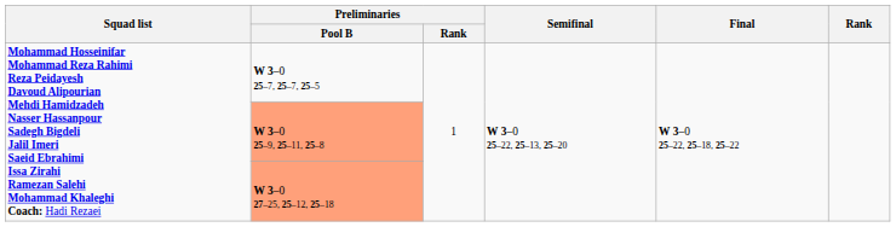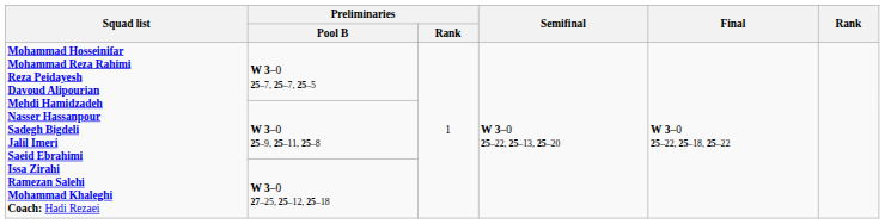 <table class="wikitable" width="71%" style="text-align:left; font-size:90%">
 <tr>
 <th rowspan="2" width="20%">Squad list</th>
 <th colspan="2">Preliminaries</th>
 <th rowspan="2" width="14%">Semifinal</th>
 <th rowspan="2" width="14%">Final</th>
 <th rowspan="2" width="5%">Rank</th>
 </tr>
 <tr>
 <th width="14%">Pool B</th>
 <th width="5%">Rank</th>
 </tr>
 <tr>
 <td rowspan="3"><strong><a href='#'>Mohammad Hosseinifar</a><br><a href='#'>Mohammad Reza Rahimi</a><br><a href='#'>Reza Peidayesh</a><br><a href='#'>Davoud Alipourian</a><br><a href='#'>Mehdi Hamidzadeh</a><br><a href='#'>Nasser Hassanpour</a><br><a href='#'>Sadegh Bigdeli</a><br><a href='#'>Jalil Imeri</a><br><a href='#'>Saeid Ebrahimi</a><br><a href='#'>Issa Zirahi</a><br><a href='#'>Ramezan Salehi</a><br><a href='#'>Mohammad Khaleghi</a><br>Coach:</strong> <a href='#'>Hadi Rezaei</a></td>
 <td><br><strong>W</strong> <strong>3</strong>–0<br><small><strong>25</strong>–7, <strong>25</strong>–7, <strong>25</strong>–5</small></td>
 <td rowspan="3" align=center>1 <strong></strong></td>
 <td rowspan="3"><br><strong>W</strong> <strong>3</strong>–0<br><small><strong>25</strong>–22, <strong>25</strong>–13, <strong>25</strong>–20</small></td>
 <td rowspan="3"><br><strong>W</strong> <strong>3</strong>–0<br><small><strong>25</strong>–22, <strong>25</strong>–18, <strong>25</strong>–22</small></td>
 <td rowspan="3" align="center"></td>
 </tr>
 <tr>
-<td style="background: lightsalmon;"><br><strong>W</strong> <strong>3</strong>–0<br><small><strong>25</strong>–9, <strong>25</strong>–11, <strong>25</strong>–8</small></td>
+<td><br><strong>W</strong> <strong>3</strong>–0<br><small><strong>25</strong>–9, <strong>25</strong>–11, <strong>25</strong>–8</small></td>
 </tr>
 <tr>
-<td style="background: lightsalmon;"><br><strong>W</strong> <strong>3</strong>–0<br><small><strong>27</strong>–25, <strong>25</strong>–12, <strong>25</strong>–18</small></td>
+<td><br><strong>W</strong> <strong>3</strong>–0<br><small><strong>27</strong>–25, <strong>25</strong>–12, <strong>25</strong>–18</small></td>
 </tr>
 </table>
